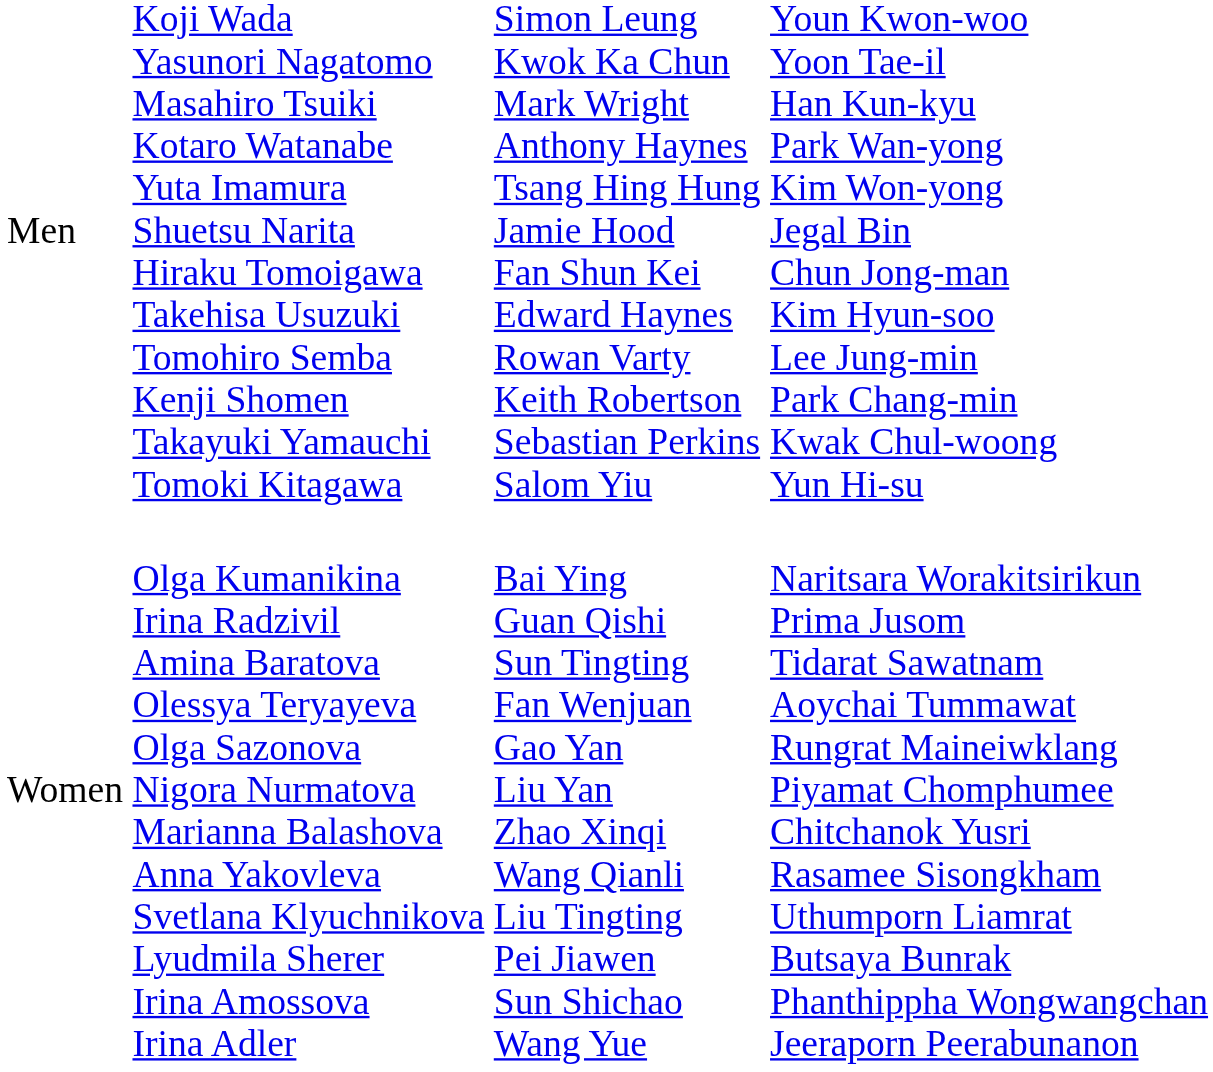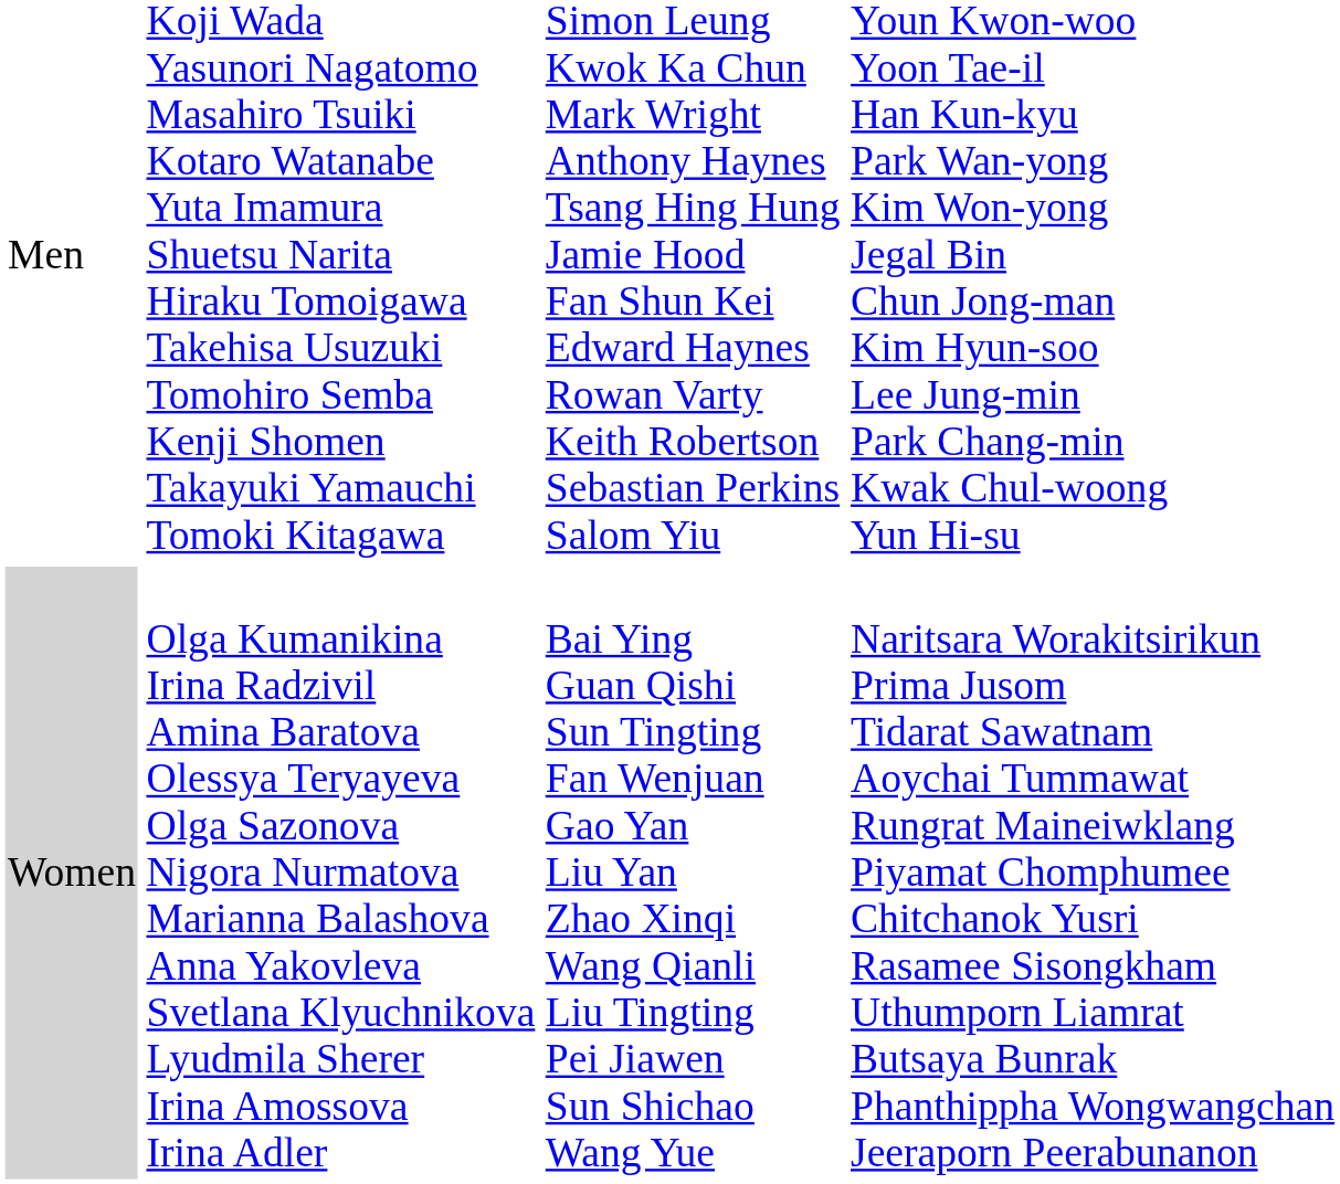 <table>
 <tr>
 <td>Men<br></td>
 <td><br><a href='#'>Koji Wada</a><br><a href='#'>Yasunori Nagatomo</a><br><a href='#'>Masahiro Tsuiki</a><br><a href='#'>Kotaro Watanabe</a><br><a href='#'>Yuta Imamura</a><br><a href='#'>Shuetsu Narita</a><br><a href='#'>Hiraku Tomoigawa</a><br><a href='#'>Takehisa Usuzuki</a><br><a href='#'>Tomohiro Semba</a><br><a href='#'>Kenji Shomen</a><br><a href='#'>Takayuki Yamauchi</a><br><a href='#'>Tomoki Kitagawa</a></td>
 <td><br><a href='#'>Simon Leung</a><br><a href='#'>Kwok Ka Chun</a><br><a href='#'>Mark Wright</a><br><a href='#'>Anthony Haynes</a><br><a href='#'>Tsang Hing Hung</a><br><a href='#'>Jamie Hood</a><br><a href='#'>Fan Shun Kei</a><br><a href='#'>Edward Haynes</a><br><a href='#'>Rowan Varty</a><br><a href='#'>Keith Robertson</a><br><a href='#'>Sebastian Perkins</a><br><a href='#'>Salom Yiu</a></td>
 <td><br><a href='#'>Youn Kwon-woo</a><br><a href='#'>Yoon Tae-il</a><br><a href='#'>Han Kun-kyu</a><br><a href='#'>Park Wan-yong</a><br><a href='#'>Kim Won-yong</a><br><a href='#'>Jegal Bin</a><br><a href='#'>Chun Jong-man</a><br><a href='#'>Kim Hyun-soo</a><br><a href='#'>Lee Jung-min</a><br><a href='#'>Park Chang-min</a><br><a href='#'>Kwak Chul-woong</a><br><a href='#'>Yun Hi-su</a></td>
 </tr>
 <tr>
-<td>Women<br></td>
+<td style="background: lightgrey;">Women<br></td>
 <td><br><a href='#'>Olga Kumanikina</a><br><a href='#'>Irina Radzivil</a><br><a href='#'>Amina Baratova</a><br><a href='#'>Olessya Teryayeva</a><br><a href='#'>Olga Sazonova</a><br><a href='#'>Nigora Nurmatova</a><br><a href='#'>Marianna Balashova</a><br><a href='#'>Anna Yakovleva</a><br><a href='#'>Svetlana Klyuchnikova</a><br><a href='#'>Lyudmila Sherer</a><br><a href='#'>Irina Amossova</a><br><a href='#'>Irina Adler</a></td>
 <td><br><a href='#'>Bai Ying</a><br><a href='#'>Guan Qishi</a><br><a href='#'>Sun Tingting</a><br><a href='#'>Fan Wenjuan</a><br><a href='#'>Gao Yan</a><br><a href='#'>Liu Yan</a><br><a href='#'>Zhao Xinqi</a><br><a href='#'>Wang Qianli</a><br><a href='#'>Liu Tingting</a><br><a href='#'>Pei Jiawen</a><br><a href='#'>Sun Shichao</a><br><a href='#'>Wang Yue</a></td>
 <td><br><a href='#'>Naritsara Worakitsirikun</a><br><a href='#'>Prima Jusom</a><br><a href='#'>Tidarat Sawatnam</a><br><a href='#'>Aoychai Tummawat</a><br><a href='#'>Rungrat Maineiwklang</a><br><a href='#'>Piyamat Chomphumee</a><br><a href='#'>Chitchanok Yusri</a><br><a href='#'>Rasamee Sisongkham</a><br><a href='#'>Uthumporn Liamrat</a><br><a href='#'>Butsaya Bunrak</a><br><a href='#'>Phanthippha Wongwangchan</a><br><a href='#'>Jeeraporn Peerabunanon</a></td>
 </tr>
 </table>
